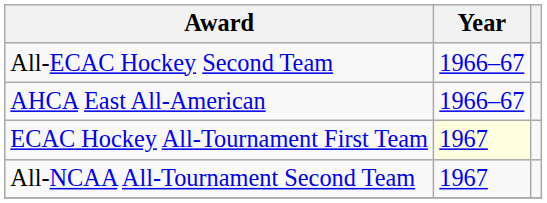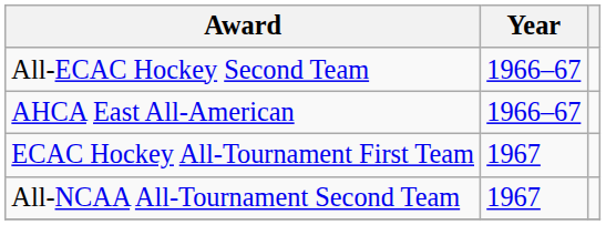 <table class="wikitable">
 <tr>
 <th>Award</th>
 <th>Year</th>
 <th></th>
 </tr>
 <tr>
 <td>All-<a href='#'>ECAC Hockey</a> <a href='#'>Second Team</a></td>
 <td><a href='#'>1966–67</a></td>
 <td></td>
 </tr>
 <tr>
 <td><a href='#'>AHCA</a> <a href='#'>East All-American</a></td>
 <td><a href='#'>1966–67</a></td>
 <td></td>
 </tr>
 <tr>
 <td><a href='#'>ECAC Hockey</a> <a href='#'>All-Tournament First Team</a></td>
-<td style="background: lightyellow;"><a href='#'>1967</a></td>
+<td><a href='#'>1967</a></td>
 <td></td>
 </tr>
 <tr>
 <td>All-<a href='#'>NCAA</a> <a href='#'>All-Tournament Second Team</a></td>
 <td><a href='#'>1967</a></td>
 <td></td>
 </tr>
 <tr>
 </tr>
 </table>
